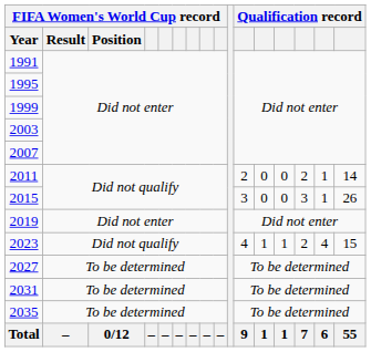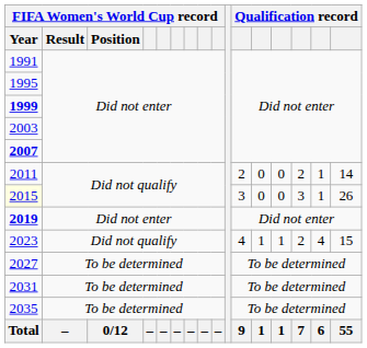 <table class="wikitable" style="text-align: center;">
 <tr>
 <th colspan=9><a href='#'>FIFA Women's World Cup</a> record</th>
 <th rowspan=20></th>
 <th colspan=9><a href='#'>Qualification</a> record</th>
 </tr>
 <tr>
 <th>Year</th>
 <th>Result</th>
 <th>Position</th>
 <th></th>
 <th></th>
 <th></th>
 <th></th>
 <th></th>
 <th></th>
 <th></th>
 <th></th>
 <th></th>
 <th></th>
 <th></th>
 <th></th>
 </tr>
 <tr>
 <td> <a href='#'>1991</a></td>
 <td colspan=8 rowspan=5><em>Did not enter</em></td>
 <td colspan=6 rowspan=5><em>Did not enter</em></td>
 </tr>
 <tr>
 <td> <a href='#'>1995</a></td>
 </tr>
 <tr>
-<td> <a href='#'>1999</a></td>
+<td><strong> <a href='#'>1999</a></strong></td>
 </tr>
 <tr>
 <td> <a href='#'>2003</a></td>
 </tr>
 <tr>
-<td> <a href='#'>2007</a></td>
+<td><strong> <a href='#'>2007</a></strong></td>
 </tr>
 <tr>
 <td> <a href='#'>2011</a></td>
 <td colspan=8 rowspan=2><em>Did not qualify</em></td>
 <td>2</td>
 <td>0</td>
 <td>0</td>
 <td>2</td>
 <td>1</td>
 <td>14</td>
 </tr>
 <tr>
-<td> <a href='#'>2015</a></td>
+<td style="background: lightyellow;"> <a href='#'>2015</a></td>
 <td>3</td>
 <td>0</td>
 <td>0</td>
 <td>3</td>
 <td>1</td>
 <td>26</td>
 </tr>
 <tr>
-<td> <a href='#'>2019</a></td>
+<td><strong> <a href='#'>2019</a></strong></td>
 <td colspan=8><em>Did not enter</em></td>
 <td colspan=6><em>Did not enter</em></td>
 </tr>
 <tr>
 <td> <a href='#'>2023</a></td>
 <td colspan=8><em>Did not qualify</em></td>
 <td>4</td>
 <td>1</td>
 <td>1</td>
 <td>2</td>
 <td>4</td>
 <td>15</td>
 </tr>
 <tr>
 <td> <a href='#'>2027</a></td>
 <td colspan=8><em>To be determined</em></td>
 <td colspan=6><em>To be determined</em></td>
 </tr>
 <tr>
 <td> <a href='#'>2031</a></td>
 <td colspan=8><em>To be determined</em></td>
 <td colspan=6><em>To be determined</em></td>
 </tr>
 <tr>
 <td> <a href='#'>2035</a></td>
 <td colspan=8><em>To be determined</em></td>
 <td colspan=6><em>To be determined</em></td>
 </tr>
 <tr>
 <th>Total</th>
 <th>–</th>
 <th>0/12</th>
 <th>–</th>
 <th>–</th>
 <th>–</th>
 <th>–</th>
 <th>–</th>
 <th>–</th>
 <th>9</th>
 <th>1</th>
 <th>1</th>
 <th>7</th>
 <th>6</th>
 <th>55</th>
 </tr>
 </table>
